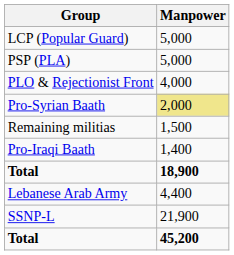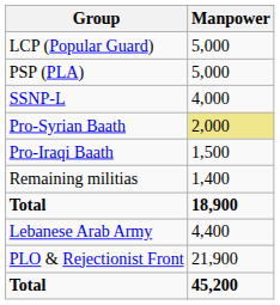 <table class="wikitable">
 <tr>
 <th>Group</th>
 <th>Manpower</th>
 </tr>
 <tr>
 <td>LCP (<a href='#'>Popular Guard</a>)</td>
 <td>5,000</td>
 </tr>
 <tr>
 <td>PSP (<a href='#'>PLA</a>)</td>
 <td>5,000</td>
 </tr>
 <tr>
-<td><a href='#'>PLO</a> & <a href='#'>Rejectionist Front</a></td>
+<td><a href='#'>SSNP-L</a></td>
 <td>4,000</td>
 </tr>
 <tr>
 <td><a href='#'>Pro-Syrian Baath</a></td>
 <td style="background: khaki;">2,000</td>
 </tr>
 <tr>
-<td>Remaining militias</td>
+<td><a href='#'>Pro-Iraqi Baath</a></td>
 <td>1,500</td>
 </tr>
 <tr>
-<td><a href='#'>Pro-Iraqi Baath</a></td>
+<td>Remaining militias</td>
 <td>1,400</td>
 </tr>
 <tr>
 <td><strong>Total</strong></td>
 <td><strong>18,900</strong></td>
 </tr>
 <tr>
 <td><a href='#'>Lebanese Arab Army</a></td>
 <td>4,400</td>
 </tr>
 <tr>
-<td><a href='#'>SSNP-L</a></td>
+<td><a href='#'>PLO</a> & <a href='#'>Rejectionist Front</a></td>
 <td>21,900</td>
 </tr>
 <tr>
 <td><strong>Total</strong></td>
 <td><strong>45,200</strong></td>
 </tr>
 </table>
